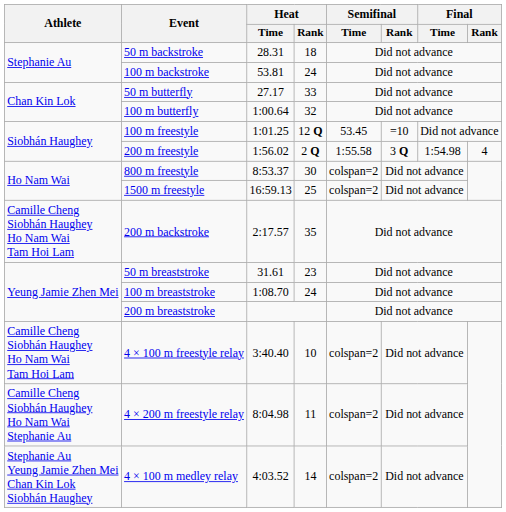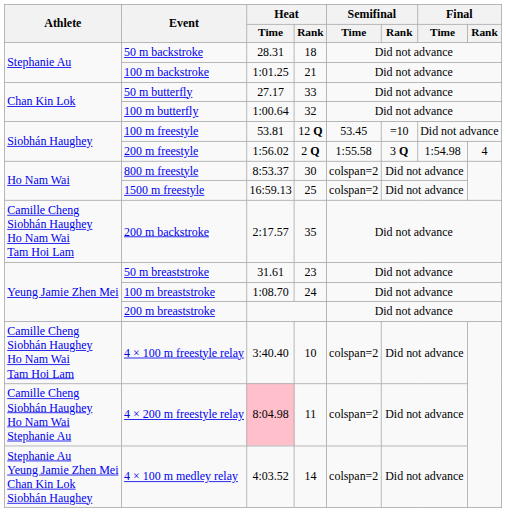 <table class="wikitable" style="text-align:center; font-size:90%">
 <tr>
 <th rowspan="2">Athlete</th>
 <th rowspan="2">Event</th>
 <th colspan="2">Heat</th>
 <th colspan="2">Semifinal</th>
 <th colspan="2">Final</th>
 </tr>
 <tr style="font-size:95%">
 <th>Time</th>
 <th>Rank</th>
 <th>Time</th>
 <th>Rank</th>
 <th>Time</th>
 <th>Rank</th>
 </tr>
 <tr>
 <td align=left rowspan=2><a href='#'>Stephanie Au</a></td>
 <td align=left><a href='#'>50 m backstroke</a></td>
 <td>28.31</td>
 <td>18</td>
 <td colspan=4>Did not advance</td>
 </tr>
 <tr>
 <td align=left><a href='#'>100 m backstroke</a></td>
-<td>53.81</td>
-<td>24</td>
+<td>1:01.25</td>
+<td>21</td>
 <td colspan=4>Did not advance</td>
 </tr>
 <tr>
 <td align=left rowspan=2><a href='#'>Chan Kin Lok</a></td>
 <td align=left><a href='#'>50 m butterfly</a></td>
 <td>27.17</td>
 <td>33</td>
 <td colspan=4>Did not advance</td>
 </tr>
 <tr>
 <td align=left><a href='#'>100 m butterfly</a></td>
 <td>1:00.64</td>
 <td>32</td>
 <td colspan=4>Did not advance</td>
 </tr>
 <tr>
 <td align=left rowspan=2><a href='#'>Siobhán Haughey</a></td>
 <td align=left><a href='#'>100 m freestyle</a></td>
-<td>1:01.25</td>
+<td>53.81</td>
 <td>12 <strong>Q</strong></td>
 <td>53.45</td>
 <td>=10</td>
 <td colspan=2>Did not advance</td>
 </tr>
 <tr>
 <td align=left><a href='#'>200 m freestyle</a></td>
 <td>1:56.02</td>
 <td>2 <strong>Q</strong></td>
 <td>1:55.58</td>
 <td>3 <strong>Q</strong></td>
 <td>1:54.98</td>
 <td>4</td>
 </tr>
 <tr>
 <td align=left rowspan=2><a href='#'>Ho Nam Wai</a></td>
 <td align=left><a href='#'>800 m freestyle</a></td>
 <td>8:53.37</td>
 <td>30</td>
 <td>colspan=2</td>
 <td colspan=2>Did not advance</td>
 </tr>
 <tr>
 <td align=left><a href='#'>1500 m freestyle</a></td>
 <td>16:59.13</td>
 <td>25</td>
 <td>colspan=2</td>
 <td colspan=2>Did not advance</td>
 </tr>
 <tr>
 <td align=left><a href='#'>Camille Cheng</a><br><a href='#'>Siobhán Haughey</a><br><a href='#'>Ho Nam Wai</a><br><a href='#'>Tam Hoi Lam</a></td>
 <td align=left><a href='#'>200 m backstroke</a></td>
 <td>2:17.57</td>
 <td>35</td>
 <td colspan=4>Did not advance</td>
 </tr>
 <tr>
 <td align=left rowspan=3><a href='#'>Yeung Jamie Zhen Mei</a></td>
 <td align=left><a href='#'>50 m breaststroke</a></td>
 <td>31.61</td>
 <td>23</td>
 <td colspan=4>Did not advance</td>
 </tr>
 <tr>
 <td align=left><a href='#'>100 m breaststroke</a></td>
 <td>1:08.70</td>
 <td>24</td>
 <td colspan=4>Did not advance</td>
 </tr>
 <tr>
 <td align=left><a href='#'>200 m breaststroke</a></td>
 <td colspan=2></td>
 <td colspan=4>Did not advance</td>
 </tr>
 <tr align=center>
 <td align=left><a href='#'>Camille Cheng</a><br><a href='#'>Siobhán Haughey</a><br><a href='#'>Ho Nam Wai</a><br><a href='#'>Tam Hoi Lam</a></td>
 <td align=left><a href='#'>4 × 100 m freestyle relay</a></td>
 <td>3:40.40</td>
 <td>10</td>
 <td>colspan=2 </td>
 <td colspan=2>Did not advance</td>
 </tr>
 <tr align=center>
 <td align=left><a href='#'>Camille Cheng</a><br><a href='#'>Siobhán Haughey</a><br><a href='#'>Ho Nam Wai</a><br><a href='#'>Stephanie Au</a></td>
 <td align=left><a href='#'>4 × 200 m freestyle relay</a></td>
-<td>8:04.98</td>
+<td style="background: pink;">8:04.98</td>
 <td>11</td>
 <td>colspan=2 </td>
 <td colspan=2>Did not advance</td>
 </tr>
 <tr align=center>
 <td align=left><a href='#'>Stephanie Au</a><br><a href='#'>Yeung Jamie Zhen Mei</a><br><a href='#'>Chan Kin Lok</a><br><a href='#'>Siobhán Haughey</a></td>
 <td align=left><a href='#'>4 × 100 m medley relay</a></td>
 <td>4:03.52</td>
 <td>14</td>
 <td>colspan=2 </td>
 <td colspan=2>Did not advance</td>
 </tr>
 </table>
